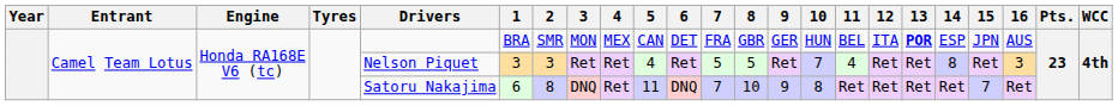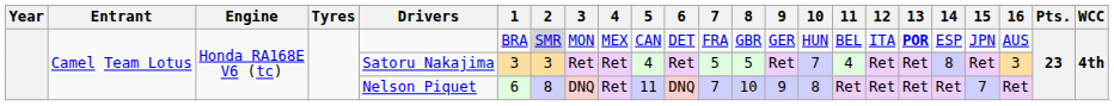 <table class="wikitable" style="text-align:center; font-size:95%">
 <tr>
 <th>Year</th>
 <th>Entrant</th>
 <th>Engine</th>
 <th>Tyres</th>
 <th>Drivers</th>
 <th>1</th>
 <th>2</th>
 <th>3</th>
 <th>4</th>
 <th>5</th>
 <th>6</th>
 <th>7</th>
 <th>8</th>
 <th>9</th>
 <th>10</th>
 <th>11</th>
 <th>12</th>
 <th>13</th>
 <th>14</th>
 <th>15</th>
 <th>16</th>
 <th>Pts.</th>
 <th>WCC</th>
 </tr>
 <tr>
 <th rowspan="3"></th>
 <td rowspan="3"><a href='#'>Camel</a> <a href='#'>Team Lotus</a></td>
 <td rowspan="3"><a href='#'>Honda RA168E</a><br><a href='#'>V6</a> (<a href='#'>tc</a>)</td>
 <td rowspan="3"></td>
 <td></td>
 <td><a href='#'>BRA</a></td>
-<td><a href='#'>SMR</a></td>
+<td style="background: lightgrey;"><a href='#'>SMR</a></td>
 <td><a href='#'>MON</a></td>
 <td><a href='#'>MEX</a></td>
 <td><a href='#'>CAN</a></td>
 <td><a href='#'>DET</a></td>
 <td><a href='#'>FRA</a></td>
 <td><a href='#'>GBR</a></td>
 <td><a href='#'>GER</a></td>
 <td><a href='#'>HUN</a></td>
 <td><a href='#'>BEL</a></td>
 <td><a href='#'>ITA</a></td>
 <td><strong><a href='#'>POR</a></strong></td>
 <td><a href='#'>ESP</a></td>
 <td><a href='#'>JPN</a></td>
 <td><a href='#'>AUS</a></td>
 <th rowspan="3">23</th>
 <th rowspan="3">4th</th>
 </tr>
 <tr>
-<td align="left"><a href='#'>Nelson Piquet</a></td>
+<td align="left"><a href='#'>Satoru Nakajima</a></td>
 <td style="background:#FFDF9F;">3</td>
 <td style="background:#FFDF9F;">3</td>
 <td style="background:#EFCFFF;">Ret</td>
 <td style="background:#EFCFFF;">Ret</td>
 <td style="background:#DFFFDF;">4</td>
 <td style="background:#EFCFFF;">Ret</td>
 <td style="background:#DFFFDF;">5</td>
 <td style="background:#DFFFDF;">5</td>
 <td style="background:#EFCFFF;">Ret</td>
 <td style="background:#CFCFFF;">7</td>
 <td style="background:#DFFFDF;">4</td>
 <td style="background:#EFCFFF;">Ret</td>
 <td style="background:#EFCFFF;">Ret</td>
 <td style="background:#CFCFFF;">8</td>
 <td style="background:#EFCFFF;">Ret</td>
 <td style="background:#FFDF9F;">3</td>
 </tr>
 <tr>
-<td align="left"><a href='#'>Satoru Nakajima</a></td>
+<td align="left"><a href='#'>Nelson Piquet</a></td>
 <td style="background:#DFFFDF;">6</td>
 <td style="background:#CFCFFF;">8</td>
 <td style="background:#FFCFCF;">DNQ</td>
 <td style="background:#EFCFFF;">Ret</td>
 <td style="background:#CFCFFF;">11</td>
 <td style="background:#FFCFCF;">DNQ</td>
 <td style="background:#CFCFFF;">7</td>
 <td style="background:#CFCFFF;">10</td>
 <td style="background:#CFCFFF;">9</td>
 <td style="background:#CFCFFF;">8</td>
 <td style="background:#EFCFFF;">Ret</td>
 <td style="background:#EFCFFF;">Ret</td>
 <td style="background:#EFCFFF;">Ret</td>
 <td style="background:#EFCFFF;">Ret</td>
 <td style="background:#CFCFFF;">7</td>
 <td style="background:#EFCFFF;">Ret</td>
 </tr>
 </table>
